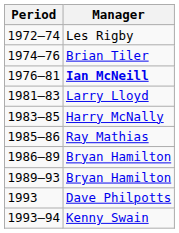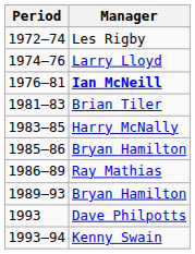 <table class="wikitable">
 <tr>
 <th>Period</th>
 <th>Manager</th>
 </tr>
 <tr>
 <td>1972–74</td>
 <td> Les Rigby</td>
 </tr>
 <tr>
 <td>1974–76</td>
-<td> <a href='#'>Brian Tiler</a></td>
+<td> <a href='#'>Larry Lloyd</a></td>
 </tr>
 <tr>
 <td>1976–81</td>
 <td><strong> <a href='#'>Ian McNeill</a></strong></td>
 </tr>
 <tr>
 <td>1981–83</td>
-<td> <a href='#'>Larry Lloyd</a></td>
+<td> <a href='#'>Brian Tiler</a></td>
 </tr>
 <tr>
 <td>1983–85</td>
 <td> <a href='#'>Harry McNally</a></td>
 </tr>
 <tr>
 <td>1985–86</td>
-<td> <a href='#'>Ray Mathias</a></td>
+<td> <a href='#'>Bryan Hamilton</a></td>
 </tr>
 <tr>
 <td>1986–89</td>
-<td> <a href='#'>Bryan Hamilton</a></td>
+<td> <a href='#'>Ray Mathias</a></td>
 </tr>
 <tr>
 <td>1989–93</td>
 <td> <a href='#'>Bryan Hamilton</a></td>
 </tr>
 <tr>
 <td>1993</td>
 <td> <a href='#'>Dave Philpotts</a></td>
 </tr>
 <tr>
 <td>1993–94</td>
 <td> <a href='#'>Kenny Swain</a></td>
 </tr>
 </table>
